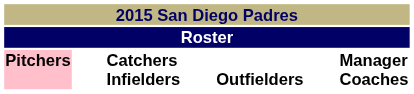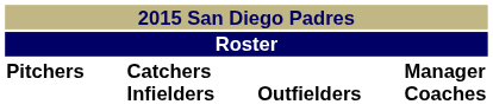 <table class="toccolours" style="font-size: 95%;">
 <tr>
 <th colspan="10" style="background-color: #C1B784; color: #000066; text-align: center;">2015 San Diego Padres</th>
 </tr>
 <tr>
 <td colspan="10" style="background-color: #000066; color: #FFFFFF; text-align: center;"><strong>Roster</strong></td>
 </tr>
 <tr>
-<td valign="top" style="background: pink;"><strong>Pitchers</strong><br>                        </td>
+<td valign="top"><strong>Pitchers</strong><br>                        </td>
 <td width="25px"></td>
 <td valign="top"><strong>Catchers</strong><br>    <strong>Infielders</strong>         </td>
 <td width="25px"></td>
 <td valign="top"><br><strong>Outfielders</strong>        </td>
 <td width="25px"></td>
 <td valign="top"><strong>Manager</strong><br>   <strong>Coaches</strong>                  </td>
 </tr>
 </table>
